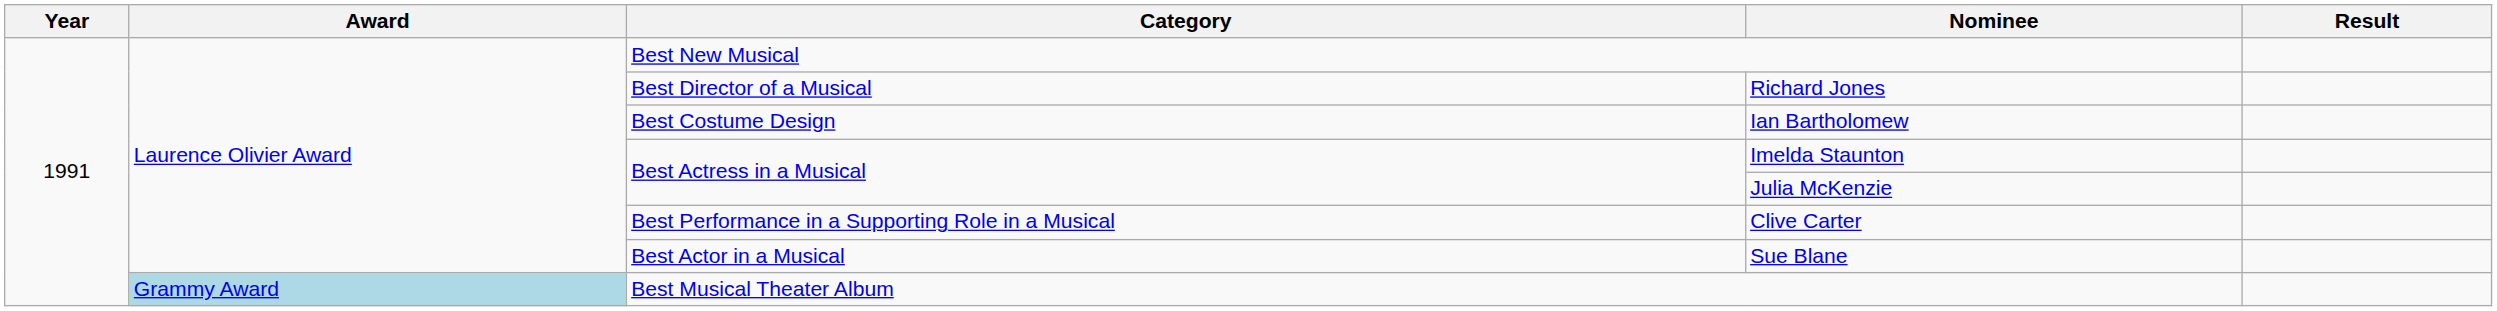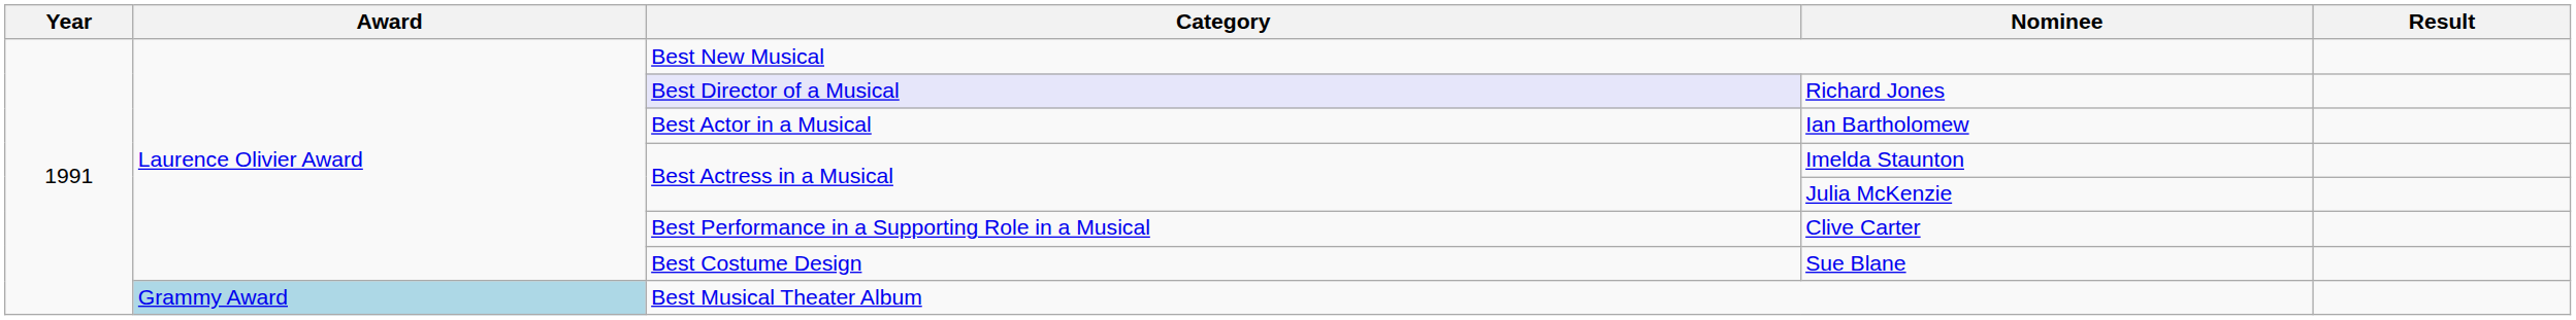 <table class="wikitable" width="95%">
 <tr>
 <th width="5%">Year</th>
 <th width="20%">Award</th>
 <th width="45%">Category</th>
 <th width="20%">Nominee</th>
 <th width="10%">Result</th>
 </tr>
 <tr>
 <td rowspan="8" align="center">1991</td>
 <td rowspan="7"><a href='#'>Laurence Olivier Award</a></td>
 <td colspan="2"><a href='#'>Best New Musical</a></td>
 <td></td>
 </tr>
 <tr>
-<td><a href='#'>Best Director of a Musical</a></td>
+<td style="background: lavender;"><a href='#'>Best Director of a Musical</a></td>
 <td><a href='#'>Richard Jones</a></td>
 <td></td>
 </tr>
 <tr>
-<td><a href='#'>Best Costume Design</a></td>
+<td><a href='#'>Best Actor in a Musical</a></td>
 <td><a href='#'>Ian Bartholomew</a></td>
 <td></td>
 </tr>
 <tr>
 <td rowspan="2"><a href='#'>Best Actress in a Musical</a></td>
 <td><a href='#'>Imelda Staunton</a></td>
 <td></td>
 </tr>
 <tr>
 <td><a href='#'>Julia McKenzie</a></td>
 <td></td>
 </tr>
 <tr>
 <td><a href='#'>Best Performance in a Supporting Role in a Musical</a></td>
 <td><a href='#'>Clive Carter</a></td>
 <td></td>
 </tr>
 <tr>
-<td><a href='#'>Best Actor in a Musical</a></td>
+<td><a href='#'>Best Costume Design</a></td>
 <td><a href='#'>Sue Blane</a></td>
 <td></td>
 </tr>
 <tr>
 <td style="background: lightblue;"><a href='#'>Grammy Award</a></td>
 <td colspan="2"><a href='#'>Best Musical Theater Album</a></td>
 <td></td>
 </tr>
 </table>
